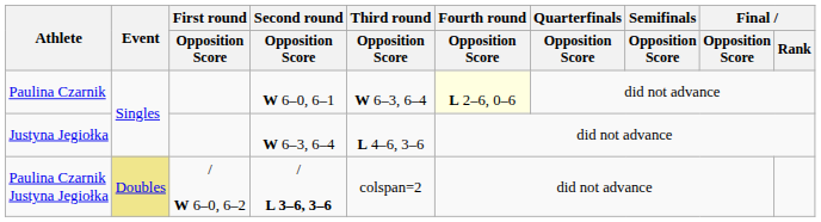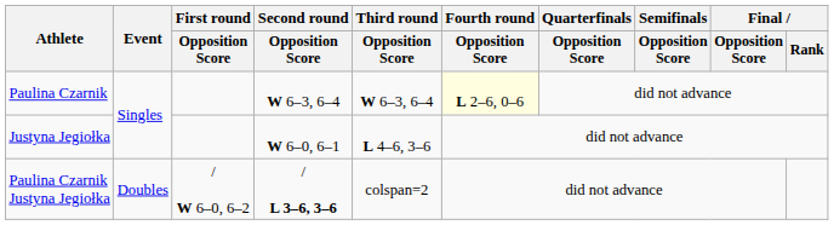 <table class=wikitable style="font-size:90%">
 <tr>
 <th rowspan="2">Athlete</th>
 <th rowspan="2">Event</th>
 <th>First round</th>
 <th>Second round</th>
 <th>Third round</th>
 <th>Fourth round</th>
 <th>Quarterfinals</th>
 <th>Semifinals</th>
 <th colspan=2>Final / </th>
 </tr>
 <tr style="font-size:95%">
 <th>Opposition<br>Score</th>
 <th>Opposition<br>Score</th>
 <th>Opposition<br>Score</th>
 <th>Opposition<br>Score</th>
 <th>Opposition<br>Score</th>
 <th>Opposition<br>Score</th>
 <th>Opposition<br>Score</th>
 <th>Rank</th>
 </tr>
 <tr align=center>
 <td align=left><a href='#'>Paulina Czarnik</a></td>
 <td align=left rowspan=2><a href='#'>Singles</a></td>
 <td></td>
-<td><br><strong>W</strong> 6–0, 6–1</td>
+<td><br><strong>W</strong> 6–3, 6–4</td>
 <td><br><strong>W</strong> 6–3, 6–4</td>
 <td style="background: lightyellow;"><br><strong>L</strong> 2–6, 0–6</td>
 <td colspan=4>did not advance</td>
 </tr>
 <tr align=center>
 <td align=left><a href='#'>Justyna Jegiołka</a></td>
 <td></td>
-<td><br><strong>W</strong> 6–3, 6–4</td>
+<td><br><strong>W</strong> 6–0, 6–1</td>
 <td><br><strong>L</strong> 4–6, 3–6</td>
 <td colspan=5>did not advance</td>
 </tr>
 <tr align=center>
 <td align=left><a href='#'>Paulina Czarnik</a><br><a href='#'>Justyna Jegiołka</a></td>
-<td align=left style="background: khaki;"><a href='#'>Doubles</a></td>
+<td align=left><a href='#'>Doubles</a></td>
 <td> / <br><br><strong>W</strong> 6–0, 6–2</td>
 <td> / <br><br><strong>L 3–6, 3–6</strong></td>
 <td>colspan=2 </td>
 <td colspan=4>did not advance</td>
 </tr>
 </table>
